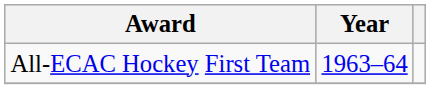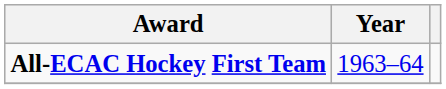 <table class="wikitable">
 <tr>
 <th>Award</th>
 <th>Year</th>
 <th></th>
 </tr>
 <tr>
-<td>All-<a href='#'>ECAC Hockey</a> <a href='#'>First Team</a></td>
+<td><strong>All-<a href='#'>ECAC Hockey</a> <a href='#'>First Team</a></strong></td>
 <td><a href='#'>1963–64</a></td>
 <td></td>
 </tr>
 <tr>
 </tr>
 </table>
